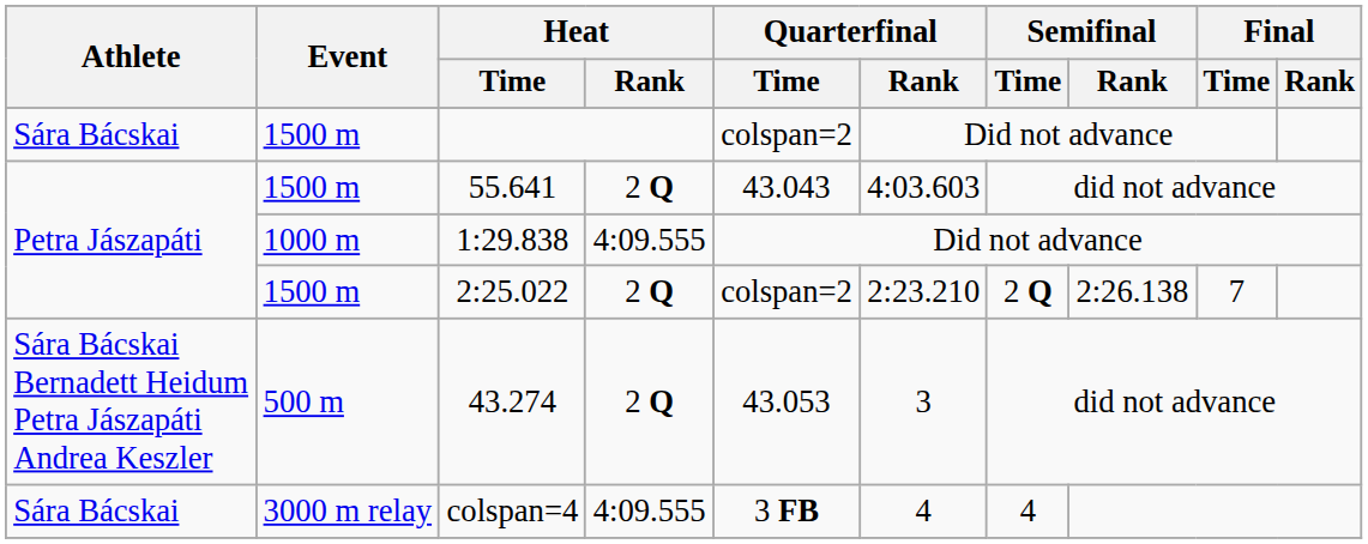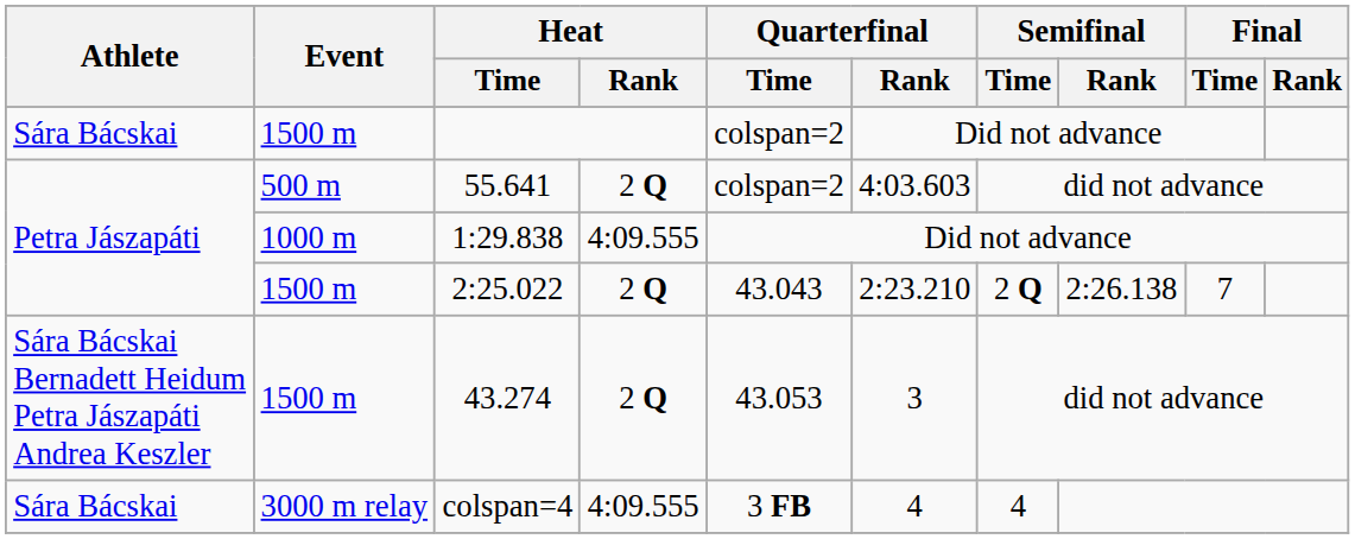 <table class="wikitable" style="font-size:90%">
 <tr>
 <th rowspan=2>Athlete</th>
 <th rowspan=2>Event</th>
 <th colspan=2>Heat</th>
 <th colspan=2>Quarterfinal</th>
 <th colspan=2>Semifinal</th>
 <th colspan=2>Final</th>
 </tr>
 <tr style="font-size:95%">
 <th>Time</th>
 <th>Rank</th>
 <th>Time</th>
 <th>Rank</th>
 <th>Time</th>
 <th>Rank</th>
 <th>Time</th>
 <th>Rank</th>
 </tr>
 <tr align=center>
 <td align=left><a href='#'>Sára Bácskai</a></td>
 <td align=left><a href='#'>1500 m</a></td>
 <td colspan=2></td>
 <td>colspan=2 </td>
 <td colspan=4>Did not advance</td>
 </tr>
 <tr align=center>
 <td align=left rowspan=3><a href='#'>Petra Jászapáti</a></td>
-<td align=left><a href='#'>1500 m</a></td>
+<td align=left><a href='#'>500 m</a></td>
 <td>55.641</td>
 <td>2 <strong>Q</strong></td>
-<td>43.043</td>
+<td>colspan=2 </td>
 <td>4:03.603</td>
 <td colspan=4>did not advance</td>
 </tr>
 <tr align=center>
 <td align=left><a href='#'>1000 m</a></td>
 <td>1:29.838</td>
 <td>4:09.555</td>
 <td colspan=6>Did not advance</td>
 </tr>
 <tr align=center>
 <td align=left><a href='#'>1500 m</a></td>
 <td>2:25.022</td>
 <td>2 <strong>Q</strong></td>
-<td>colspan=2 </td>
+<td>43.043</td>
 <td>2:23.210</td>
 <td>2 <strong>Q</strong></td>
 <td>2:26.138</td>
 <td>7</td>
 </tr>
 <tr align=center>
 <td align=left><a href='#'>Sára Bácskai</a><br><a href='#'>Bernadett Heidum</a><br><a href='#'>Petra Jászapáti</a><br><a href='#'>Andrea Keszler</a></td>
-<td align=left><a href='#'>500 m</a></td>
+<td align=left><a href='#'>1500 m</a></td>
 <td>43.274</td>
 <td>2 <strong>Q</strong></td>
 <td>43.053</td>
 <td>3</td>
 <td colspan=4>did not advance</td>
 </tr>
 <tr align=center>
 <td align=left><a href='#'>Sára Bácskai</a></td>
 <td align=left><a href='#'>3000 m relay</a></td>
 <td>colspan=4 </td>
 <td>4:09.555</td>
 <td>3 <strong>FB</strong></td>
 <td>4</td>
 <td>4</td>
 </tr>
 </table>
